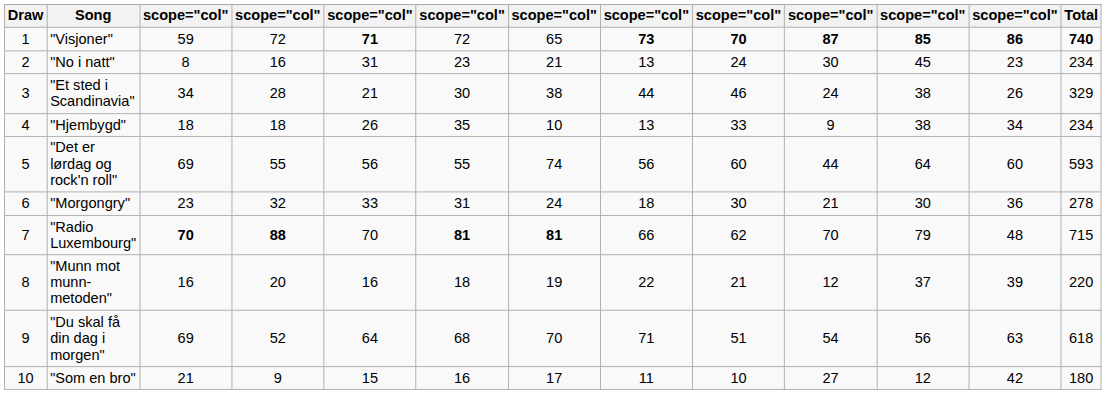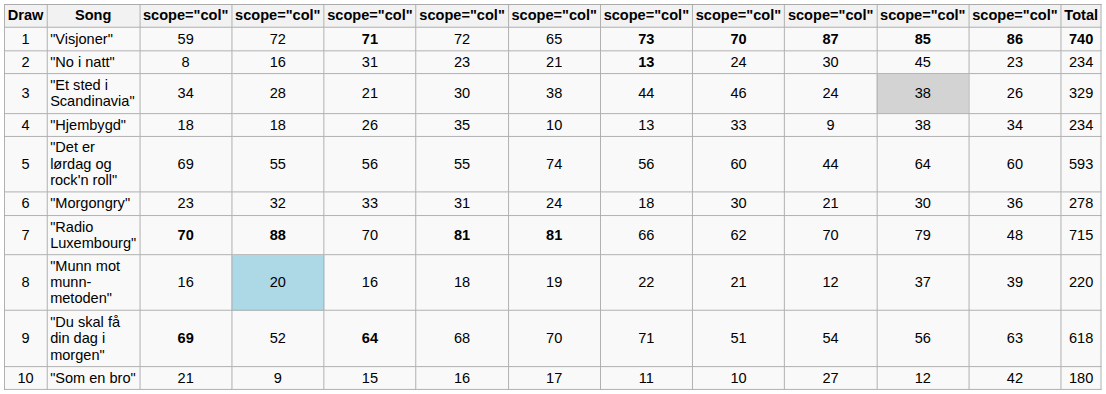 <table class="wikitable plainrowheaders" style="margin: 1em auto 1em auto; text-align:center;">
 <tr>
 </tr>
 <tr>
 <th scope="col">Draw</th>
 <th scope="col">Song</th>
 <th>scope="col" </th>
 <th>scope="col" </th>
 <th>scope="col" </th>
 <th>scope="col" </th>
 <th>scope="col" </th>
 <th>scope="col" </th>
 <th>scope="col" </th>
 <th>scope="col" </th>
 <th>scope="col" </th>
 <th>scope="col" </th>
 <th scope="col">Total</th>
 </tr>
 <tr ---->
 <td>1</td>
 <td align="left">"Visjoner"</td>
 <td>59</td>
 <td>72</td>
 <td><strong>71</strong></td>
 <td>72</td>
 <td>65</td>
 <td><strong>73</strong></td>
 <td><strong>70</strong></td>
 <td><strong>87</strong></td>
 <td><strong>85</strong></td>
 <td><strong>86</strong></td>
 <td><strong>740</strong></td>
 </tr>
 <tr ---->
 <td>2</td>
 <td align="left">"No i natt"</td>
 <td>8</td>
 <td>16</td>
 <td>31</td>
 <td>23</td>
 <td>21</td>
-<td>13</td>
+<td><strong>13</strong></td>
 <td>24</td>
 <td>30</td>
 <td>45</td>
 <td>23</td>
 <td>234</td>
 </tr>
 <tr --->
 <td>3</td>
 <td align="left">"Et sted i Scandinavia"</td>
 <td>34</td>
 <td>28</td>
 <td>21</td>
 <td>30</td>
 <td>38</td>
 <td>44</td>
 <td>46</td>
 <td>24</td>
-<td>38</td>
+<td style="background: lightgrey;">38</td>
 <td>26</td>
 <td>329</td>
 </tr>
 <tr --->
 <td>4</td>
 <td align="left">"Hjembygd"</td>
 <td>18</td>
 <td>18</td>
 <td>26</td>
 <td>35</td>
 <td>10</td>
 <td>13</td>
 <td>33</td>
 <td>9</td>
 <td>38</td>
 <td>34</td>
 <td>234</td>
 </tr>
 <tr --->
 <td>5</td>
 <td align="left">"Det er lørdag og rock'n roll"</td>
 <td>69</td>
 <td>55</td>
 <td>56</td>
 <td>55</td>
 <td>74</td>
 <td>56</td>
 <td>60</td>
 <td>44</td>
 <td>64</td>
 <td>60</td>
 <td>593</td>
 </tr>
 <tr --->
 <td>6</td>
 <td align="left">"Morgongry"</td>
 <td>23</td>
 <td>32</td>
 <td>33</td>
 <td>31</td>
 <td>24</td>
 <td>18</td>
 <td>30</td>
 <td>21</td>
 <td>30</td>
 <td>36</td>
 <td>278</td>
 </tr>
 <tr --->
 <td>7</td>
 <td align="left">"Radio Luxembourg"</td>
 <td><strong>70</strong></td>
 <td><strong>88</strong></td>
 <td>70</td>
 <td><strong>81</strong></td>
 <td><strong>81</strong></td>
 <td>66</td>
 <td>62</td>
 <td>70</td>
 <td>79</td>
 <td>48</td>
 <td>715</td>
 </tr>
 <tr --->
 <td>8</td>
 <td align="left">"Munn mot munn-metoden"</td>
 <td>16</td>
-<td>20</td>
+<td style="background: lightblue;">20</td>
 <td>16</td>
 <td>18</td>
 <td>19</td>
 <td>22</td>
 <td>21</td>
 <td>12</td>
 <td>37</td>
 <td>39</td>
 <td>220</td>
 </tr>
 <tr --->
 <td>9</td>
 <td align="left">"Du skal få din dag i morgen"</td>
-<td>69</td>
+<td><strong>69</strong></td>
 <td>52</td>
-<td>64</td>
+<td><strong>64</strong></td>
 <td>68</td>
 <td>70</td>
 <td>71</td>
 <td>51</td>
 <td>54</td>
 <td>56</td>
 <td>63</td>
 <td>618</td>
 </tr>
 <tr --->
 <td>10</td>
 <td align="left">"Som en bro"</td>
 <td>21</td>
 <td>9</td>
 <td>15</td>
 <td>16</td>
 <td>17</td>
 <td>11</td>
 <td>10</td>
 <td>27</td>
 <td>12</td>
 <td>42</td>
 <td>180</td>
 </tr>
 </table>
